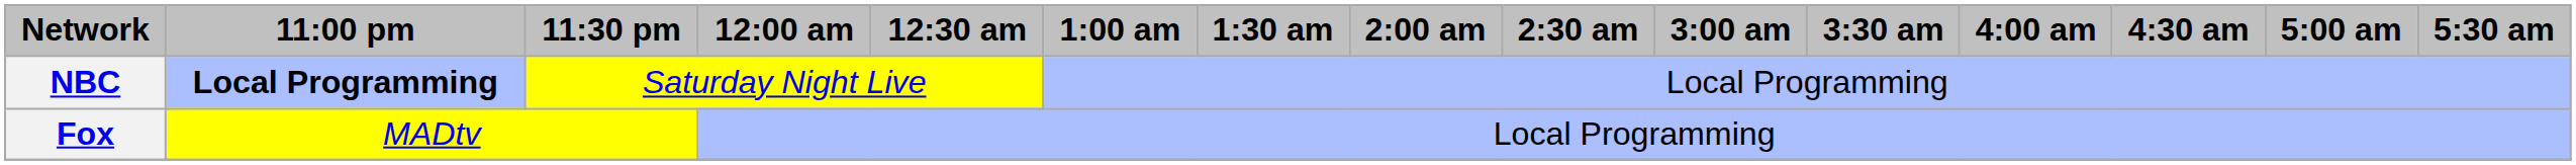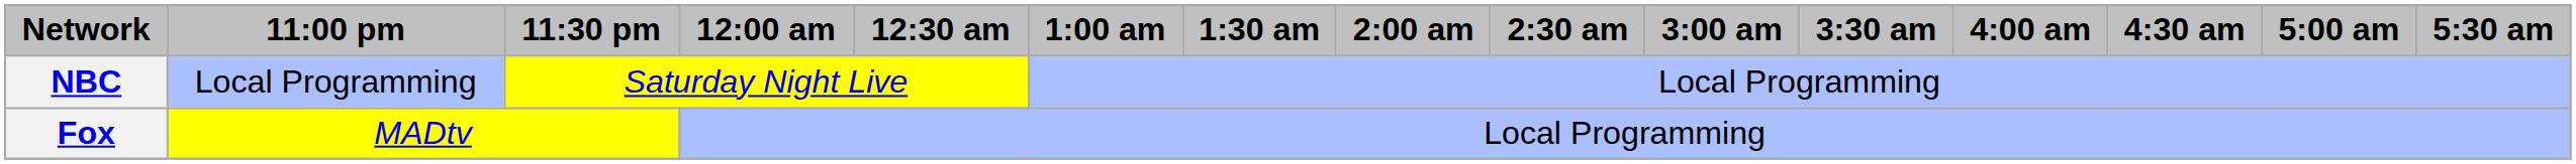 <table class="wikitable" style="width:100%;margin-right:0;text-align:center">
 <tr>
 <th style="background-color:#C0C0C0;text-align:center" colspan="2">Network</th>
 <th style="background-color:#C0C0C0;text-align:center">11:00 pm</th>
 <th style="background-color:#C0C0C0;text-align:center">11:30 pm</th>
 <th style="background-color:#C0C0C0;text-align:center">12:00 am</th>
 <th style="background-color:#C0C0C0;text-align:center">12:30 am</th>
 <th style="background-color:#C0C0C0;text-align:center">1:00 am</th>
 <th style="background-color:#C0C0C0;text-align:center">1:30 am</th>
 <th style="background-color:#C0C0C0;text-align:center">2:00 am</th>
 <th style="background-color:#C0C0C0;text-align:center">2:30 am</th>
 <th style="background-color:#C0C0C0;text-align:center">3:00 am</th>
 <th style="background-color:#C0C0C0;text-align:center">3:30 am</th>
 <th style="background-color:#C0C0C0;text-align:center">4:00 am</th>
 <th style="background-color:#C0C0C0;text-align:center">4:30 am</th>
 <th style="background-color:#C0C0C0;text-align:center">5:00 am</th>
 <th style="background-color:#C0C0C0;text-align:center">5:30 am</th>
 </tr>
 <tr>
 <th colspan="2"><a href='#'>NBC</a></th>
-<td style="background:#abbfff"><strong>Local Programming</strong></td>
+<td style="background:#abbfff">Local Programming</td>
 <td colspan="3" style="background:yellow"><em><a href='#'>Saturday Night Live</a></em></td>
 <td colspan="10" style="background:#abbfff">Local Programming</td>
 </tr>
 <tr>
 <th colspan="2"><a href='#'>Fox</a></th>
 <td colspan="2" style="background:yellow"><em><a href='#'>MADtv</a></em></td>
 <td colspan="12" style="background:#abbfff">Local Programming</td>
 </tr>
 <tr>
 </tr>
 </table>
